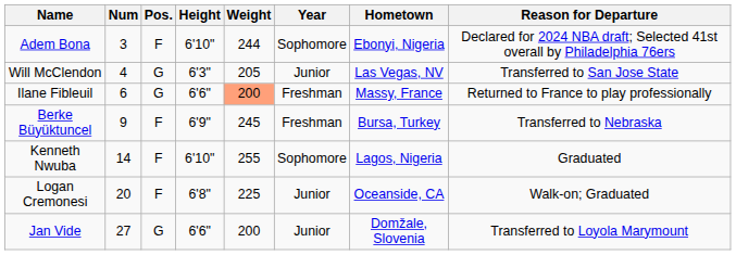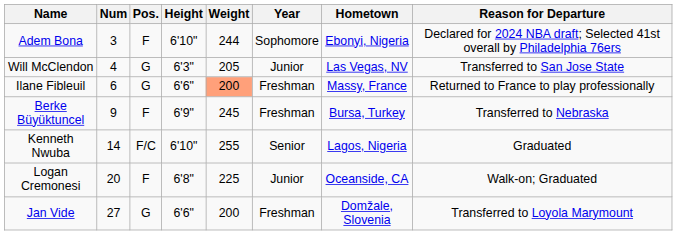 <table class="wikitable sortable sortable" style="text-align: center">
 <tr align=center>
 <th>Name</th>
 <th>Num</th>
 <th>Pos.</th>
 <th>Height</th>
 <th>Weight</th>
 <th>Year</th>
 <th>Hometown</th>
 <th>Reason for Departure</th>
 </tr>
 <tr>
 <td><a href='#'>Adem Bona</a></td>
 <td>3</td>
 <td>F</td>
 <td>6'10"</td>
 <td>244</td>
 <td>Sophomore</td>
 <td><a href='#'>Ebonyi, Nigeria</a></td>
 <td>Declared for <a href='#'>2024 NBA draft</a>; Selected 41st overall by <a href='#'>Philadelphia 76ers</a></td>
 </tr>
 <tr>
 <td>Will McClendon</td>
 <td>4</td>
 <td>G</td>
 <td>6'3"</td>
 <td>205</td>
 <td> Junior</td>
 <td><a href='#'>Las Vegas, NV</a></td>
 <td>Transferred to <a href='#'>San Jose State</a></td>
 </tr>
 <tr>
 <td>Ilane Fibleuil</td>
 <td>6</td>
 <td>G</td>
 <td>6'6"</td>
 <td style="background: lightsalmon;">200</td>
 <td>Freshman</td>
 <td><a href='#'>Massy, France</a></td>
 <td>Returned to France to play professionally</td>
 </tr>
 <tr>
 <td><a href='#'>Berke Büyüktuncel</a></td>
 <td>9</td>
 <td>F</td>
 <td>6'9"</td>
 <td>245</td>
 <td>Freshman</td>
 <td><a href='#'>Bursa, Turkey</a></td>
 <td>Transferred to <a href='#'>Nebraska</a></td>
 </tr>
 <tr>
 <td>Kenneth Nwuba</td>
 <td>14</td>
-<td>F</td>
+<td>F/C</td>
 <td>6'10"</td>
 <td>255</td>
-<td> Sophomore</td>
+<td> Senior</td>
 <td><a href='#'>Lagos, Nigeria</a></td>
 <td>Graduated</td>
 </tr>
 <tr>
 <td>Logan Cremonesi</td>
 <td>20</td>
 <td>F</td>
 <td>6'8"</td>
 <td>225</td>
 <td> Junior</td>
 <td><a href='#'>Oceanside, CA</a></td>
 <td>Walk-on; Graduated</td>
 </tr>
 <tr>
 <td><a href='#'>Jan Vide</a></td>
 <td>27</td>
 <td>G</td>
 <td>6'6"</td>
 <td>200</td>
-<td> Junior</td>
+<td>Freshman</td>
 <td><a href='#'>Domžale, Slovenia</a></td>
 <td>Transferred to <a href='#'>Loyola Marymount</a></td>
 </tr>
 </table>
